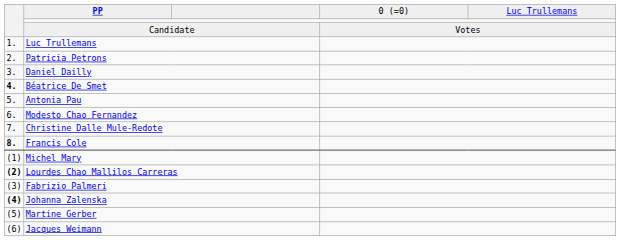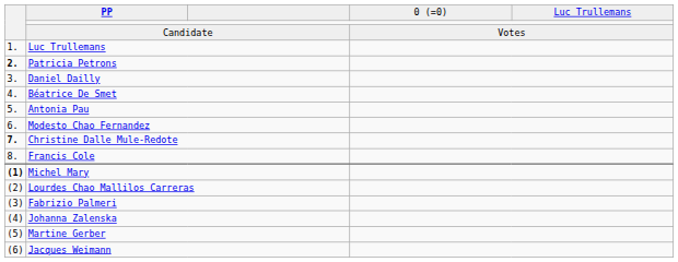 <table class="wikitable collapsible collapsed" style=text-align:left;font-size:90%>
 <tr>
 <th rowspan=3></th>
 <td bgcolor=efefef width=200 align=center><strong> <a href='#'>PP</a></strong></td>
 <td bgcolor=efefef width=200 align=center></td>
 <td bgcolor=efefef width=200 align=center>0 (=0)</td>
 <td bgcolor=efefef width=200 align=center><a href='#'>Luc Trullemans</a></td>
 </tr>
 <tr>
 <td colspan=4 bgcolor=></td>
 </tr>
 <tr>
 <td bgcolor=efefef align=center colspan=2>Candidate</td>
 <td bgcolor=efefef align=center colspan=2>Votes</td>
 </tr>
 <tr>
 <td>1.</td>
 <td colspan=2><a href='#'>Luc Trullemans</a></td>
 <td colspan=2></td>
 </tr>
 <tr>
-<td>2.</td>
+<td><strong>2.</strong></td>
 <td colspan=2><a href='#'>Patricia Petrons</a></td>
 <td colspan=2></td>
 </tr>
 <tr>
 <td>3.</td>
 <td colspan=2><a href='#'>Daniel Dailly</a></td>
 <td colspan=2></td>
 </tr>
 <tr>
-<td><strong>4.</strong></td>
+<td>4.</td>
 <td colspan=2><a href='#'>Béatrice De Smet</a></td>
 <td colspan=2></td>
 </tr>
 <tr>
 <td>5.</td>
 <td colspan=2><a href='#'>Antonia Pau</a></td>
 <td colspan=2></td>
 </tr>
 <tr>
 <td>6.</td>
 <td colspan=2><a href='#'>Modesto Chao Fernandez</a></td>
 <td colspan=2></td>
 </tr>
 <tr>
-<td>7.</td>
+<td><strong>7.</strong></td>
 <td colspan=2><a href='#'>Christine Dalle Mule-Redote</a></td>
 <td colspan=2></td>
 </tr>
 <tr>
-<td><strong>8.</strong></td>
+<td>8.</td>
 <td colspan=2><a href='#'>Francis Cole</a></td>
 <td colspan=2></td>
 </tr>
 <tr style="border-top:2px solid gray;">
-<td>(1)</td>
+<td><strong>(1)</strong></td>
 <td colspan=2><a href='#'>Michel Mary</a></td>
 <td colspan=2></td>
 </tr>
 <tr>
-<td><strong>(2)</strong></td>
+<td>(2)</td>
 <td colspan=2><a href='#'>Lourdes Chao Mallilos Carreras</a></td>
 <td colspan=2></td>
 </tr>
 <tr>
 <td>(3)</td>
 <td colspan=2><a href='#'>Fabrizio Palmeri</a></td>
 <td colspan=2></td>
 </tr>
 <tr>
-<td><strong>(4)</strong></td>
+<td>(4)</td>
 <td colspan=2><a href='#'>Johanna Zalenska</a></td>
 <td colspan=2></td>
 </tr>
 <tr>
 <td>(5)</td>
 <td colspan=2><a href='#'>Martine Gerber</a></td>
 <td colspan=2></td>
 </tr>
 <tr>
 <td>(6)</td>
 <td colspan=2><a href='#'>Jacques Weimann</a></td>
 <td colspan=2></td>
 </tr>
 </table>
